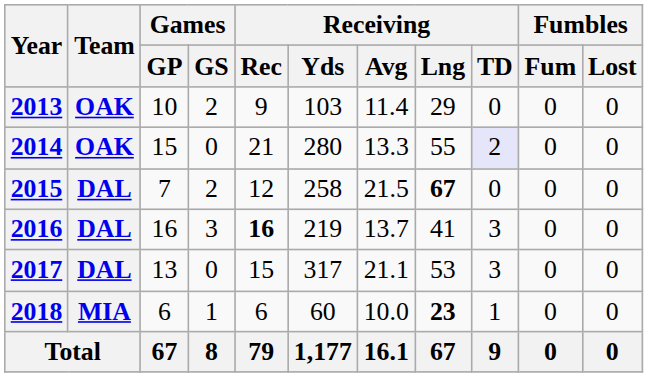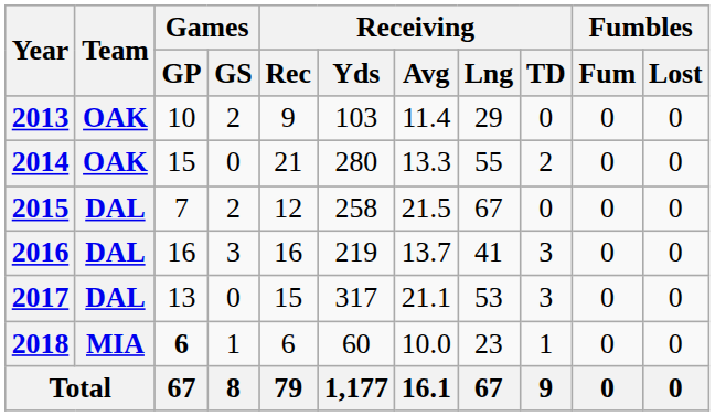 <table class="wikitable" style="text-align:center;">
 <tr>
 <th rowspan="2">Year</th>
 <th rowspan="2">Team</th>
 <th colspan="2">Games</th>
 <th colspan="5">Receiving</th>
 <th colspan="2">Fumbles</th>
 </tr>
 <tr>
 <th>GP</th>
 <th>GS</th>
 <th>Rec</th>
 <th>Yds</th>
 <th>Avg</th>
 <th>Lng</th>
 <th>TD</th>
 <th>Fum</th>
 <th>Lost</th>
 </tr>
 <tr>
 <th><a href='#'>2013</a></th>
 <th><a href='#'>OAK</a></th>
 <td>10</td>
 <td>2</td>
 <td>9</td>
 <td>103</td>
 <td>11.4</td>
 <td>29</td>
 <td>0</td>
 <td>0</td>
 <td>0</td>
 </tr>
 <tr>
 <th><a href='#'>2014</a></th>
 <th><a href='#'>OAK</a></th>
 <td>15</td>
 <td>0</td>
 <td>21</td>
 <td>280</td>
 <td>13.3</td>
 <td>55</td>
-<td style="background: lavender;">2</td>
+<td>2</td>
 <td>0</td>
 <td>0</td>
 </tr>
 <tr>
 <th><a href='#'>2015</a></th>
 <th><a href='#'>DAL</a></th>
 <td>7</td>
 <td>2</td>
 <td>12</td>
 <td>258</td>
 <td>21.5</td>
-<td><strong>67</strong></td>
+<td>67</td>
 <td>0</td>
 <td>0</td>
 <td>0</td>
 </tr>
 <tr>
 <th><a href='#'>2016</a></th>
 <th><a href='#'>DAL</a></th>
 <td>16</td>
 <td>3</td>
-<td><strong>16</strong></td>
+<td>16</td>
 <td>219</td>
 <td>13.7</td>
 <td>41</td>
 <td>3</td>
 <td>0</td>
 <td>0</td>
 </tr>
 <tr>
 <th><a href='#'>2017</a></th>
 <th><a href='#'>DAL</a></th>
 <td>13</td>
 <td>0</td>
 <td>15</td>
 <td>317</td>
 <td>21.1</td>
 <td>53</td>
 <td>3</td>
 <td>0</td>
 <td>0</td>
 </tr>
 <tr>
 <th><a href='#'>2018</a></th>
 <th><a href='#'>MIA</a></th>
-<td>6</td>
+<td><strong>6</strong></td>
 <td>1</td>
 <td>6</td>
 <td>60</td>
 <td>10.0</td>
-<td><strong>23</strong></td>
+<td>23</td>
 <td>1</td>
 <td>0</td>
 <td>0</td>
 </tr>
 <tr>
 <th colspan="2">Total</th>
 <th>67</th>
 <th>8</th>
 <th>79</th>
 <th>1,177</th>
 <th>16.1</th>
 <th>67</th>
 <th>9</th>
 <th>0</th>
 <th>0</th>
 </tr>
 </table>
